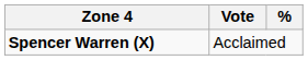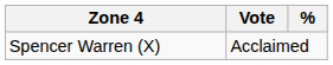 <table class="wikitable">
 <tr>
 <th bgcolor="#DDDDFF" width="200px">Zone 4</th>
 <th bgcolor="#DDDDFF" width="50px">Vote</th>
 <th bgcolor="#DDDDFF" width="30px">%</th>
 </tr>
 <tr>
-<td><strong>Spencer Warren (X)</strong></td>
+<td>Spencer Warren (X)</td>
 <td colspan="2">Acclaimed</td>
 </tr>
 </table>
